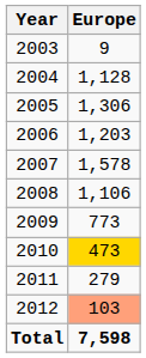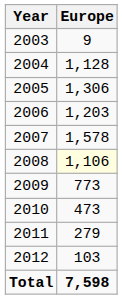 <table class="wikitable" style="float:center; clear:center; margin:0 0 1em 1em; text-align:center;">
 <tr>
 <th>Year</th>
 <th>Europe</th>
 </tr>
 <tr>
 <td>2003</td>
 <td>9</td>
 </tr>
 <tr>
 <td>2004</td>
 <td>1,128</td>
 </tr>
 <tr>
 <td>2005</td>
 <td>1,306</td>
 </tr>
 <tr>
 <td>2006</td>
 <td>1,203</td>
 </tr>
 <tr>
 <td>2007</td>
 <td>1,578</td>
 </tr>
 <tr>
 <td>2008</td>
-<td>1,106</td>
+<td style="background: lightyellow;">1,106</td>
 </tr>
 <tr>
 <td>2009</td>
 <td>773</td>
 </tr>
 <tr>
 <td>2010</td>
-<td style="background: gold;">473</td>
+<td>473</td>
 </tr>
 <tr>
 <td>2011</td>
 <td>279</td>
 </tr>
 <tr>
 <td>2012</td>
-<td style="background: lightsalmon;">103</td>
+<td>103</td>
 </tr>
 <tr>
 <td><strong>Total</strong></td>
 <td><strong>7,598</strong></td>
 </tr>
 </table>
